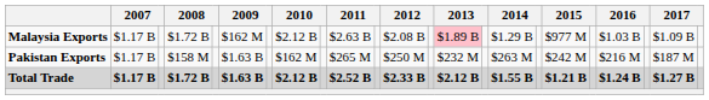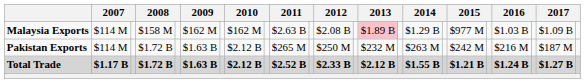 <table class="wikitable">
 <tr>
 <th></th>
 <th colspan="2">2007</th>
 <th colspan="2">2008</th>
 <th colspan="2">2009</th>
 <th colspan="2">2010</th>
 <th colspan="2">2011</th>
 <th colspan="2">2012</th>
 <th colspan="2">2013</th>
 <th colspan="2">2014</th>
 <th colspan="2">2015</th>
 <th colspan="2">2016</th>
 <th colspan="2">2017</th>
 </tr>
 <tr>
 <td> <strong>Malaysia Exports</strong></td>
-<td>$1.17 B</td>
+<td>$114 M</td>
 <td></td>
-<td>$1.72 B</td>
+<td>$158 M</td>
 <td></td>
 <td>$162 M</td>
 <td></td>
-<td>$2.12 B</td>
+<td>$162 M</td>
 <td></td>
 <td>$2.63 B</td>
 <td></td>
 <td>$2.08 B</td>
 <td></td>
 <td style="background: pink;">$1.89 B</td>
 <td></td>
 <td>$1.29 B</td>
 <td></td>
 <td>$977 M</td>
 <td></td>
 <td>$1.03 B</td>
 <td></td>
 <td>$1.09 B</td>
 <td></td>
 </tr>
 <tr>
 <td> <strong>Pakistan Exports</strong></td>
-<td>$1.17 B</td>
+<td>$114 M</td>
 <td></td>
-<td>$158 M</td>
+<td>$1.72 B</td>
 <td></td>
 <td>$1.63 B</td>
 <td></td>
-<td>$162 M</td>
+<td>$2.12 B</td>
 <td></td>
 <td>$265 M</td>
 <td></td>
 <td>$250 M</td>
 <td></td>
 <td>$232 M</td>
 <td></td>
 <td>$263 M</td>
 <td></td>
 <td>$242 M</td>
 <td></td>
 <td>$216 M</td>
 <td></td>
 <td>$187 M</td>
 <td></td>
 </tr>
 <tr>
 <td style='background: #D5D5D5;'><strong>Total Trade</strong></td>
 <td style='background: #D5D5D5;'><strong>$1.17 B</strong></td>
 <td style='background: #D5D5D5;'></td>
 <td style='background: #D5D5D5;'><strong>$1.72 B</strong></td>
 <td style='background: #D5D5D5;'></td>
 <td style='background: #D5D5D5;'><strong>$1.63 B</strong></td>
 <td style='background: #D5D5D5;'></td>
 <td style='background: #D5D5D5;'><strong>$2.12 B</strong></td>
 <td style='background: #D5D5D5;'></td>
 <td style='background: #D5D5D5;'><strong>$2.52 B</strong></td>
 <td style='background: #D5D5D5;'></td>
 <td style='background: #D5D5D5;'><strong>$2.33 B</strong></td>
 <td style='background: #D5D5D5;'></td>
 <td style='background: #D5D5D5;'><strong>$2.12 B</strong></td>
 <td style='background: #D5D5D5;'></td>
 <td style='background: #D5D5D5;'><strong>$1.55 B</strong></td>
 <td style='background: #D5D5D5;'></td>
 <td style='background: #D5D5D5;'><strong>$1.21 B</strong></td>
 <td style='background: #D5D5D5;'></td>
 <td style='background: #D5D5D5;'><strong>$1.24 B</strong></td>
 <td style='background: #D5D5D5;'></td>
 <td style='background: #D5D5D5;'><strong>$1.27 B</strong></td>
 <td style='background: #D5D5D5;'></td>
 </tr>
 <tr>
 <th colspan="23"></th>
 </tr>
 </table>
